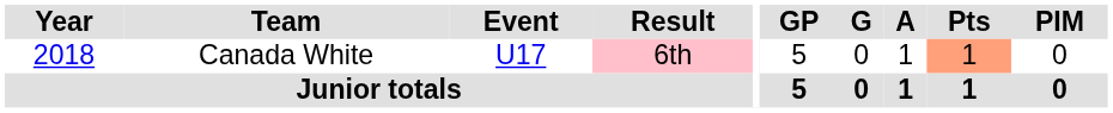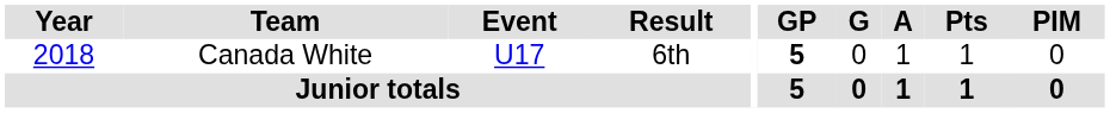 <table border="0" cellpadding="1" cellspacing="0" ID="Table3" style="text-align:center; width:40em">
 <tr style="background:#e0e0e0;">
 <th>Year</th>
 <th>Team</th>
 <th>Event</th>
 <th>Result</th>
 <th rowspan="99" style="background:#fff;"></th>
 <th>GP</th>
 <th>G</th>
 <th>A</th>
 <th>Pts</th>
 <th>PIM</th>
 </tr>
 <tr>
 <td><a href='#'>2018</a></td>
 <td>Canada White</td>
 <td><a href='#'>U17</a></td>
-<td style="background: pink;">6th</td>
-<td>5</td>
+<td>6th</td>
+<td><strong>5</strong></td>
 <td>0</td>
 <td>1</td>
-<td style="background: lightsalmon;">1</td>
+<td>1</td>
 <td>0</td>
 </tr>
 <tr style="background:#e0e0e0;">
 <th colspan="4">Junior totals</th>
 <th>5</th>
 <th>0</th>
 <th>1</th>
 <th>1</th>
 <th>0</th>
 </tr>
 </table>
